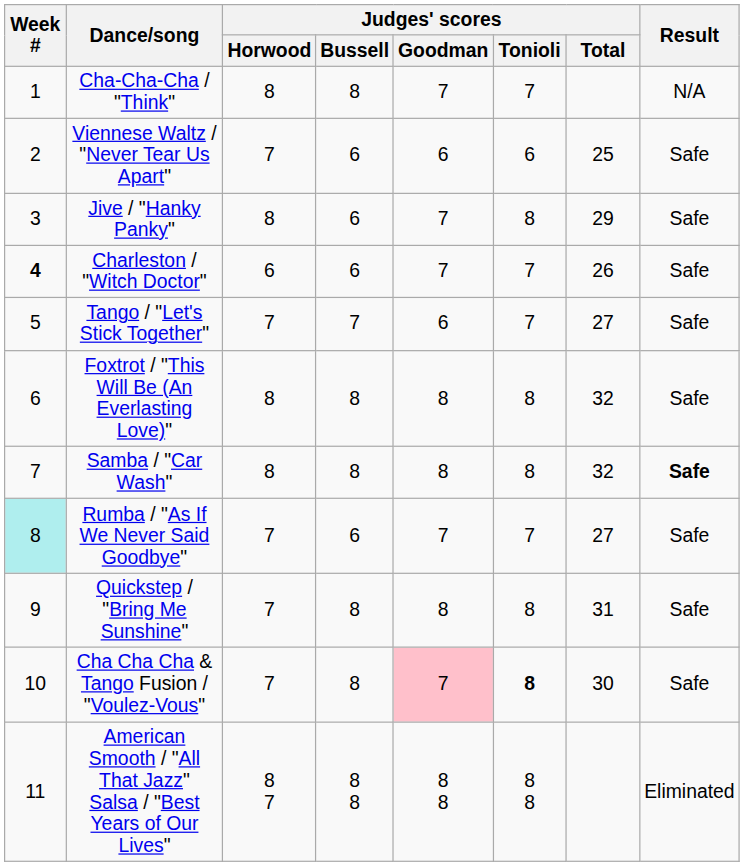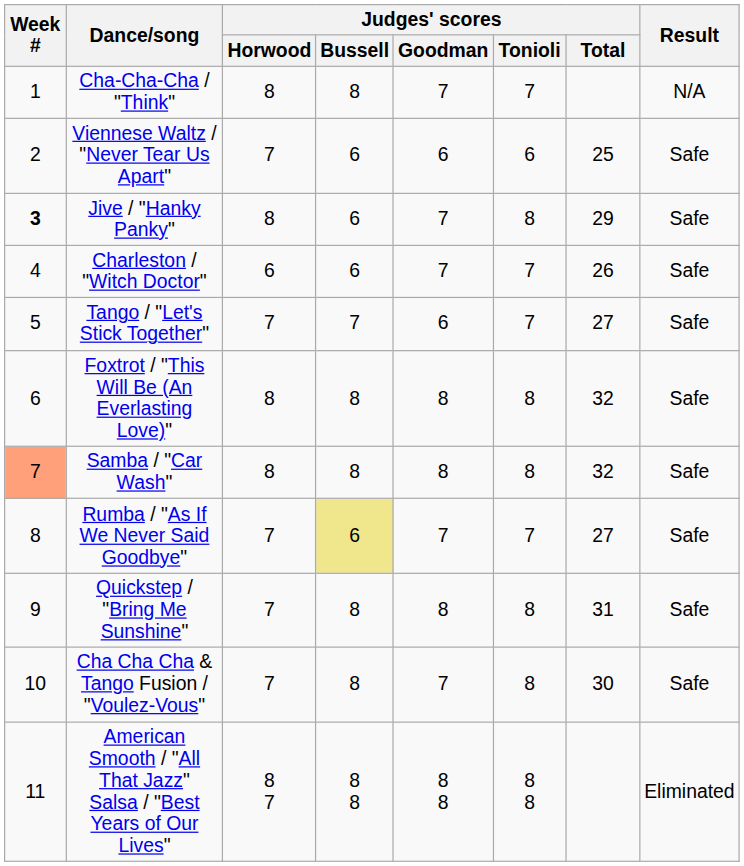 <table class="wikitable" style="text-align:center;">
 <tr>
 <th rowspan="2">Week #</th>
 <th rowspan="2">Dance/song</th>
 <th colspan="5">Judges' scores</th>
 <th rowspan="2">Result</th>
 </tr>
 <tr>
 <th style="width:10%;">Horwood</th>
 <th style="width:10%;">Bussell</th>
 <th style="width:10%;">Goodman</th>
 <th style="width:10%;">Tonioli</th>
 <th style="width:10%;">Total</th>
 </tr>
 <tr>
 <td>1</td>
 <td><a href='#'>Cha-Cha-Cha</a> / "<a href='#'>Think</a>"</td>
 <td>8</td>
 <td>8</td>
 <td>7</td>
 <td>7</td>
 <td></td>
 <td>N/A</td>
 </tr>
 <tr>
 <td>2</td>
 <td><a href='#'>Viennese Waltz</a> / "<a href='#'>Never Tear Us Apart</a>"</td>
 <td>7</td>
 <td>6</td>
 <td>6</td>
 <td>6</td>
 <td>25</td>
 <td>Safe</td>
 </tr>
 <tr>
-<td>3</td>
+<td><strong>3</strong></td>
 <td><a href='#'>Jive</a> / "<a href='#'>Hanky Panky</a>"</td>
 <td>8</td>
 <td>6</td>
 <td>7</td>
 <td>8</td>
 <td>29</td>
 <td>Safe</td>
 </tr>
 <tr>
-<td><strong>4</strong></td>
+<td>4</td>
 <td><a href='#'>Charleston</a> / "<a href='#'>Witch Doctor</a>"</td>
 <td>6</td>
 <td>6</td>
 <td>7</td>
 <td>7</td>
 <td>26</td>
 <td>Safe</td>
 </tr>
 <tr>
 <td>5</td>
 <td><a href='#'>Tango</a> / "<a href='#'>Let's Stick Together</a>"</td>
 <td>7</td>
 <td>7</td>
 <td>6</td>
 <td>7</td>
 <td>27</td>
 <td>Safe</td>
 </tr>
 <tr>
 <td>6</td>
 <td><a href='#'>Foxtrot</a> / "<a href='#'>This Will Be (An Everlasting Love)</a>"</td>
 <td>8</td>
 <td>8</td>
 <td>8</td>
 <td>8</td>
 <td>32</td>
 <td>Safe</td>
 </tr>
 <tr>
-<td>7</td>
+<td style="background: lightsalmon;">7</td>
 <td><a href='#'>Samba</a> / "<a href='#'>Car Wash</a>"</td>
 <td>8</td>
 <td>8</td>
 <td>8</td>
 <td>8</td>
 <td>32</td>
-<td><strong>Safe</strong></td>
+<td>Safe</td>
 </tr>
 <tr>
-<td style="background: paleturquoise;">8</td>
+<td>8</td>
 <td><a href='#'>Rumba</a> / "<a href='#'>As If We Never Said Goodbye</a>"</td>
 <td>7</td>
-<td>6</td>
+<td style="background: khaki;">6</td>
 <td>7</td>
 <td>7</td>
 <td>27</td>
 <td>Safe</td>
 </tr>
 <tr>
 <td>9</td>
 <td><a href='#'>Quickstep</a> / "<a href='#'>Bring Me Sunshine</a>"</td>
 <td>7</td>
 <td>8</td>
 <td>8</td>
 <td>8</td>
 <td>31</td>
 <td>Safe</td>
 </tr>
 <tr>
 <td>10</td>
 <td><a href='#'>Cha Cha Cha</a> & <a href='#'>Tango</a> Fusion / "<a href='#'>Voulez-Vous</a>"</td>
 <td>7</td>
 <td>8</td>
-<td style="background: pink;">7</td>
-<td><strong>8</strong></td>
+<td>7</td>
+<td>8</td>
 <td>30</td>
 <td>Safe</td>
 </tr>
 <tr>
 <td>11</td>
 <td><a href='#'>American Smooth</a> / "<a href='#'>All That Jazz</a>"<br> <a href='#'>Salsa</a> / "<a href='#'>Best Years of Our Lives</a>"</td>
 <td>8<br>7</td>
 <td>8<br>8</td>
 <td>8<br>8</td>
 <td>8<br>8</td>
 <td><br></td>
 <td>Eliminated</td>
 </tr>
 </table>
